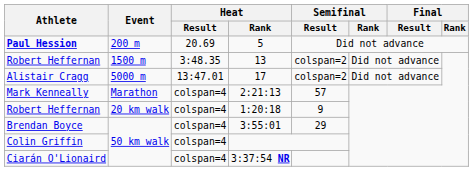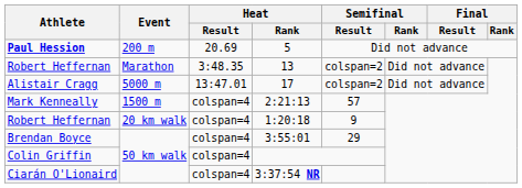 <table class="wikitable" style="font-size:90%">
 <tr>
 <th rowspan="2">Athlete</th>
 <th rowspan="2">Event</th>
 <th colspan="2">Heat</th>
 <th colspan="2">Semifinal</th>
 <th colspan="2">Final</th>
 </tr>
 <tr style="font-size:95%">
 <th>Result</th>
 <th>Rank</th>
 <th>Result</th>
 <th>Rank</th>
 <th>Result</th>
 <th>Rank</th>
 </tr>
 <tr align=center>
 <td align=left><strong><a href='#'>Paul Hession</a></strong></td>
 <td align=left><a href='#'>200 m</a></td>
 <td>20.69</td>
 <td>5</td>
 <td colspan=4>Did not advance</td>
 </tr>
 <tr align=center>
 <td align=left><a href='#'>Robert Heffernan</a></td>
-<td align=left><a href='#'>1500 m</a></td>
+<td align=left><a href='#'>Marathon</a></td>
 <td>3:48.35</td>
 <td>13</td>
 <td>colspan=2 </td>
 <td colspan=2>Did not advance</td>
 </tr>
 <tr align=center>
 <td align=left><a href='#'>Alistair Cragg</a></td>
 <td align=left><a href='#'>5000 m</a></td>
 <td>13:47.01</td>
 <td>17</td>
 <td>colspan=2 </td>
 <td colspan=2>Did not advance</td>
 </tr>
 <tr align=center>
 <td align=left><a href='#'>Mark Kenneally</a></td>
-<td align=left><a href='#'>Marathon</a></td>
+<td align=left><a href='#'>1500 m</a></td>
 <td>colspan=4 </td>
 <td>2:21:13</td>
 <td>57</td>
 </tr>
 <tr align=center>
 <td align=left><a href='#'>Robert Heffernan</a></td>
 <td align=left><a href='#'>20 km walk</a></td>
 <td>colspan=4 </td>
 <td>1:20:18</td>
 <td>9</td>
 </tr>
 <tr align=center>
 <td align=left><a href='#'>Brendan Boyce</a></td>
 <td align=left rowspan=3><a href='#'>50 km walk</a></td>
 <td>colspan=4 </td>
 <td>3:55:01</td>
 <td>29</td>
 </tr>
 <tr align=center>
 <td align=left><a href='#'>Colin Griffin</a></td>
 <td>colspan=4 </td>
 <td colspan=2></td>
 </tr>
 <tr align=center>
 <td align=left><a href='#'>Ciarán O'Lionaird</a></td>
 <td>colspan=4 </td>
 <td>3:37:54 <strong><a href='#'>NR</a></strong></td>
 <td></td>
 </tr>
 </table>
